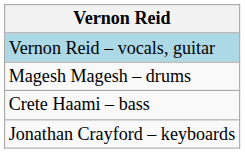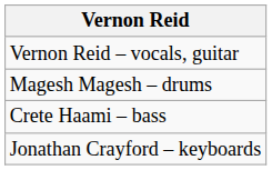 <table class="wikitable">
 <tr>
 <th>Vernon Reid</th>
 </tr>
 <tr>
-<td style="background: lightblue;">Vernon Reid – vocals, guitar</td>
+<td>Vernon Reid – vocals, guitar</td>
 </tr>
 <tr>
 <td>Magesh Magesh – drums</td>
 </tr>
 <tr>
 <td>Crete Haami – bass</td>
 </tr>
 <tr>
 <td>Jonathan Crayford – keyboards</td>
 </tr>
 </table>
